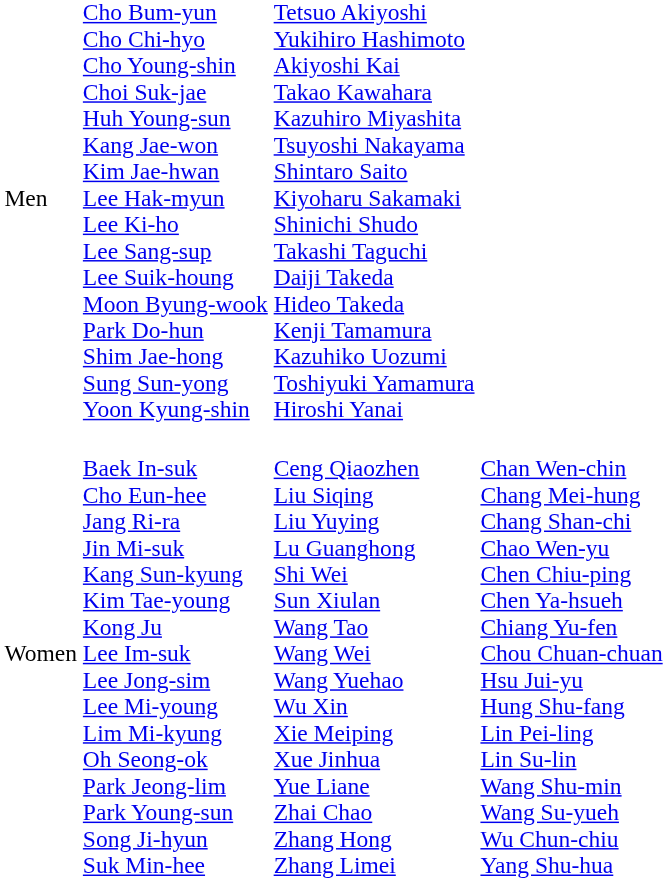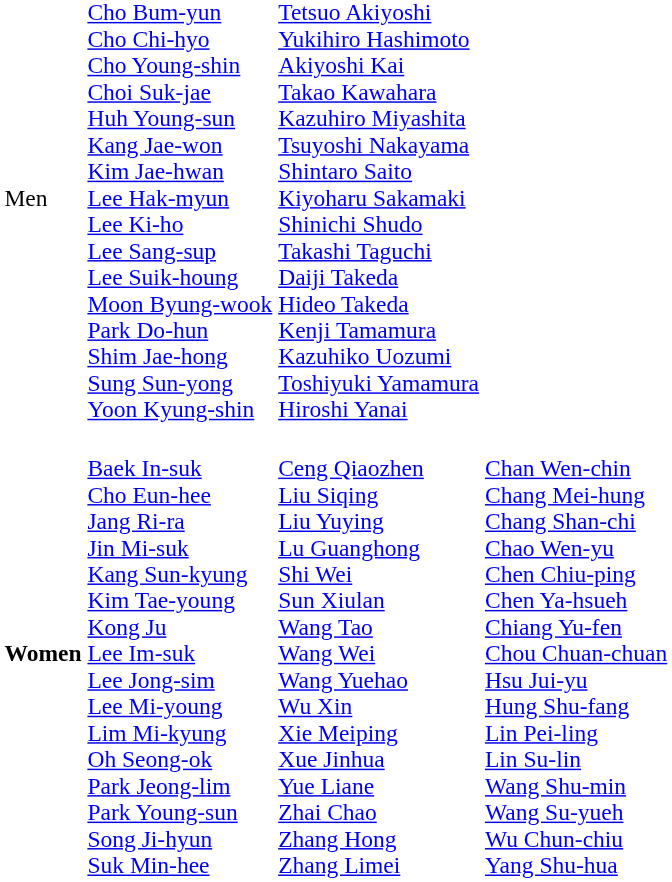 <table>
 <tr>
 <td>Men<br></td>
 <td><br><a href='#'>Cho Bum-yun</a><br><a href='#'>Cho Chi-hyo</a><br><a href='#'>Cho Young-shin</a><br><a href='#'>Choi Suk-jae</a><br><a href='#'>Huh Young-sun</a><br><a href='#'>Kang Jae-won</a><br><a href='#'>Kim Jae-hwan</a><br><a href='#'>Lee Hak-myun</a><br><a href='#'>Lee Ki-ho</a><br><a href='#'>Lee Sang-sup</a><br><a href='#'>Lee Suik-houng</a><br><a href='#'>Moon Byung-wook</a><br><a href='#'>Park Do-hun</a><br><a href='#'>Shim Jae-hong</a><br><a href='#'>Sung Sun-yong</a><br><a href='#'>Yoon Kyung-shin</a></td>
 <td><br><a href='#'>Tetsuo Akiyoshi</a><br><a href='#'>Yukihiro Hashimoto</a><br><a href='#'>Akiyoshi Kai</a><br><a href='#'>Takao Kawahara</a><br><a href='#'>Kazuhiro Miyashita</a><br><a href='#'>Tsuyoshi Nakayama</a><br><a href='#'>Shintaro Saito</a><br><a href='#'>Kiyoharu Sakamaki</a><br><a href='#'>Shinichi Shudo</a><br><a href='#'>Takashi Taguchi</a><br><a href='#'>Daiji Takeda</a><br><a href='#'>Hideo Takeda</a><br><a href='#'>Kenji Tamamura</a><br><a href='#'>Kazuhiko Uozumi</a><br><a href='#'>Toshiyuki Yamamura</a><br><a href='#'>Hiroshi Yanai</a></td>
 <td valign=top></td>
 </tr>
 <tr>
-<td>Women<br></td>
+<td><strong>Women<br></strong></td>
 <td><br><a href='#'>Baek In-suk</a><br><a href='#'>Cho Eun-hee</a><br><a href='#'>Jang Ri-ra</a><br><a href='#'>Jin Mi-suk</a><br><a href='#'>Kang Sun-kyung</a><br><a href='#'>Kim Tae-young</a><br><a href='#'>Kong Ju</a><br><a href='#'>Lee Im-suk</a><br><a href='#'>Lee Jong-sim</a><br><a href='#'>Lee Mi-young</a><br><a href='#'>Lim Mi-kyung</a><br><a href='#'>Oh Seong-ok</a><br><a href='#'>Park Jeong-lim</a><br><a href='#'>Park Young-sun</a><br><a href='#'>Song Ji-hyun</a><br><a href='#'>Suk Min-hee</a></td>
 <td><br><a href='#'>Ceng Qiaozhen</a><br><a href='#'>Liu Siqing</a><br><a href='#'>Liu Yuying</a><br><a href='#'>Lu Guanghong</a><br><a href='#'>Shi Wei</a><br><a href='#'>Sun Xiulan</a><br><a href='#'>Wang Tao</a><br><a href='#'>Wang Wei</a><br><a href='#'>Wang Yuehao</a><br><a href='#'>Wu Xin</a><br><a href='#'>Xie Meiping</a><br><a href='#'>Xue Jinhua</a><br><a href='#'>Yue Liane</a><br><a href='#'>Zhai Chao</a><br><a href='#'>Zhang Hong</a><br><a href='#'>Zhang Limei</a></td>
 <td><br><a href='#'>Chan Wen-chin</a><br><a href='#'>Chang Mei-hung</a><br><a href='#'>Chang Shan-chi</a><br><a href='#'>Chao Wen-yu</a><br><a href='#'>Chen Chiu-ping</a><br><a href='#'>Chen Ya-hsueh</a><br><a href='#'>Chiang Yu-fen</a><br><a href='#'>Chou Chuan-chuan</a><br><a href='#'>Hsu Jui-yu</a><br><a href='#'>Hung Shu-fang</a><br><a href='#'>Lin Pei-ling</a><br><a href='#'>Lin Su-lin</a><br><a href='#'>Wang Shu-min</a><br><a href='#'>Wang Su-yueh</a><br><a href='#'>Wu Chun-chiu</a><br><a href='#'>Yang Shu-hua</a></td>
 </tr>
 </table>
